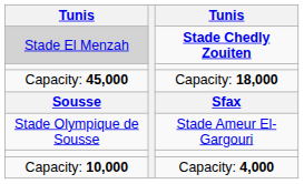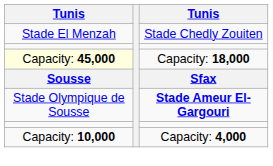 <table class=wikitable style="text-align:center">
 <tr>
 <th width=160><a href='#'>Tunis</a></th>
 <th rowspan=8><br></th>
 <th width=160><a href='#'>Tunis</a></th>
 </tr>
 <tr>
-<td style="background: lightgrey;"><a href='#'>Stade El Menzah</a></td>
-<td><strong><a href='#'>Stade Chedly Zouiten</a></strong></td>
+<td><a href='#'>Stade El Menzah</a></td>
+<td><a href='#'>Stade Chedly Zouiten</a></td>
 </tr>
 <tr>
 <td></td>
 <td></td>
 </tr>
 <tr>
-<td>Capacity: <strong>45,000</strong></td>
+<td style="background: lightyellow;">Capacity: <strong>45,000</strong></td>
 <td>Capacity: <strong>18,000</strong></td>
 </tr>
 <tr>
 <th width=160><a href='#'>Sousse</a></th>
 <th><a href='#'>Sfax</a></th>
 </tr>
 <tr>
 <td><a href='#'>Stade Olympique de Sousse</a></td>
-<td><a href='#'>Stade Ameur El-Gargouri</a></td>
+<td><strong><a href='#'>Stade Ameur El-Gargouri</a></strong></td>
 </tr>
 <tr>
 <td></td>
 <td></td>
 </tr>
 <tr>
 <td>Capacity: <strong>10,000</strong></td>
 <td>Capacity: <strong>4,000</strong></td>
 </tr>
 </table>
